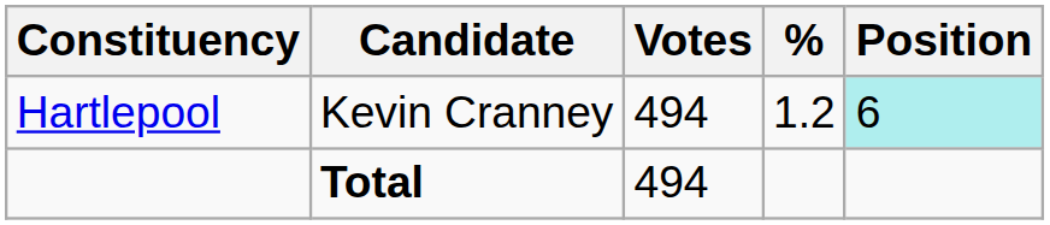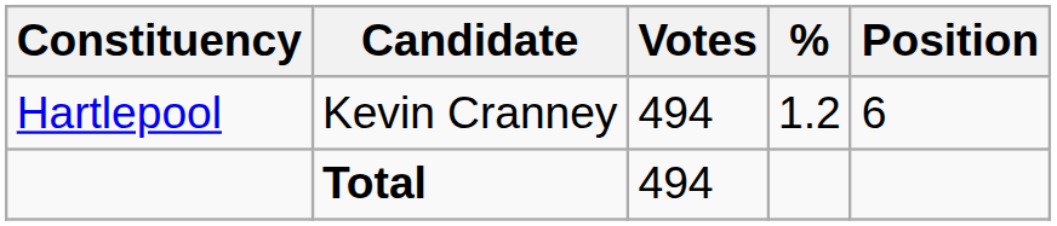 <table class="wikitable">
 <tr>
 <th>Constituency</th>
 <th>Candidate</th>
 <th>Votes</th>
 <th>%</th>
 <th>Position</th>
 </tr>
 <tr>
 <td><a href='#'>Hartlepool</a></td>
 <td>Kevin Cranney</td>
 <td>494</td>
 <td>1.2</td>
-<td style="background: paleturquoise;">6</td>
+<td>6</td>
 </tr>
 <tr>
 <td></td>
 <td><strong>Total</strong></td>
 <td>494</td>
 <td></td>
 </tr>
 </table>
